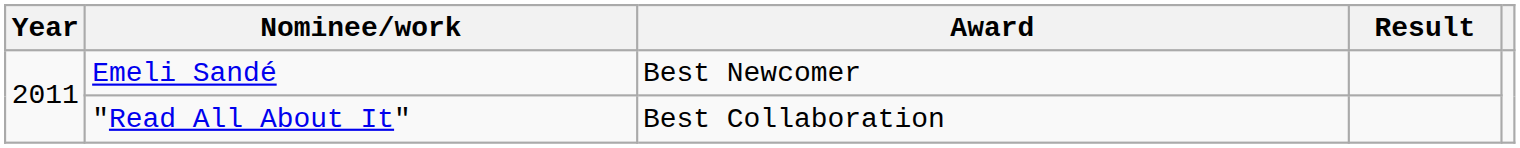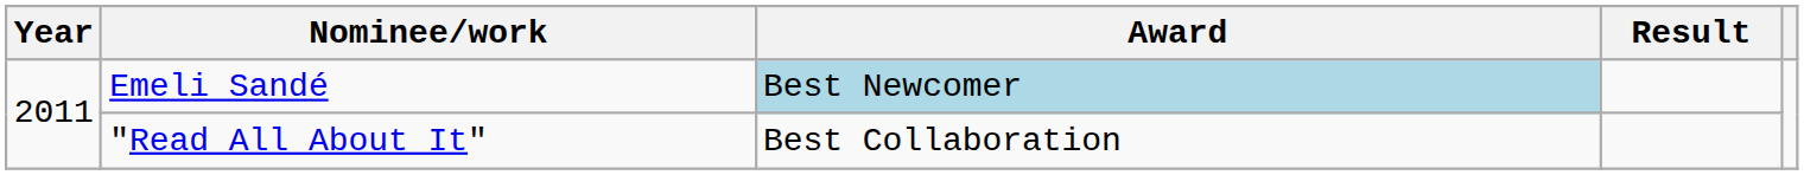 <table class="wikitable">
 <tr>
 <th>Year</th>
 <th width="250">Nominee/work</th>
 <th width="325">Award</th>
 <th width="65">Result</th>
 <th></th>
 </tr>
 <tr>
 <td rowspan="2">2011</td>
 <td><a href='#'>Emeli Sandé</a></td>
-<td>Best Newcomer</td>
+<td style="background: lightblue;">Best Newcomer</td>
 <td></td>
 <td rowspan="2" style="text-align:center;"></td>
 </tr>
 <tr>
 <td>"<a href='#'>Read All About It</a>"</td>
 <td>Best Collaboration</td>
 <td></td>
 </tr>
 </table>
